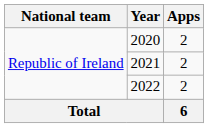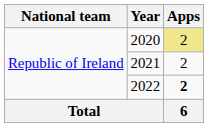 <table class="sortable wikitable" style="text-align:center">
 <tr>
 <th scope="col">National team</th>
 <th scope="col">Year</th>
 <th !scope="col">Apps</th>
 </tr>
 <tr>
 <td rowspan="3"><a href='#'>Republic of Ireland</a></td>
 <td scope="row">2020</td>
-<td>2</td>
+<td style="background: khaki;">2</td>
 </tr>
 <tr>
 <td scope="row">2021</td>
 <td>2</td>
 </tr>
 <tr>
 <td scope="row">2022</td>
-<td>2</td>
+<td><strong>2</strong></td>
 </tr>
 <tr>
 <th colspan="2">Total</th>
 <th>6</th>
 </tr>
 </table>
